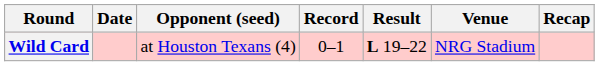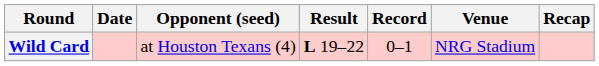 <table class="wikitable" style="text-align:center">
 <tr>
 <th>Round</th>
 <th>Date</th>
 <th>Opponent (seed)</th>
+<th>Result</th>
 <th>Record</th>
-<th>Result</th>
 <th>Venue</th>
 <th>Recap</th>
 </tr>
 <tr style="background:#fcc">
 <th><a href='#'>Wild Card</a></th>
 <td></td>
 <td>at <a href='#'>Houston Texans</a> (4)</td>
+<td><strong>L</strong> 19–22 </td>
 <td>0–1</td>
-<td><strong>L</strong> 19–22 </td>
 <td><a href='#'>NRG Stadium</a></td>
 <td></td>
 </tr>
 </table>
